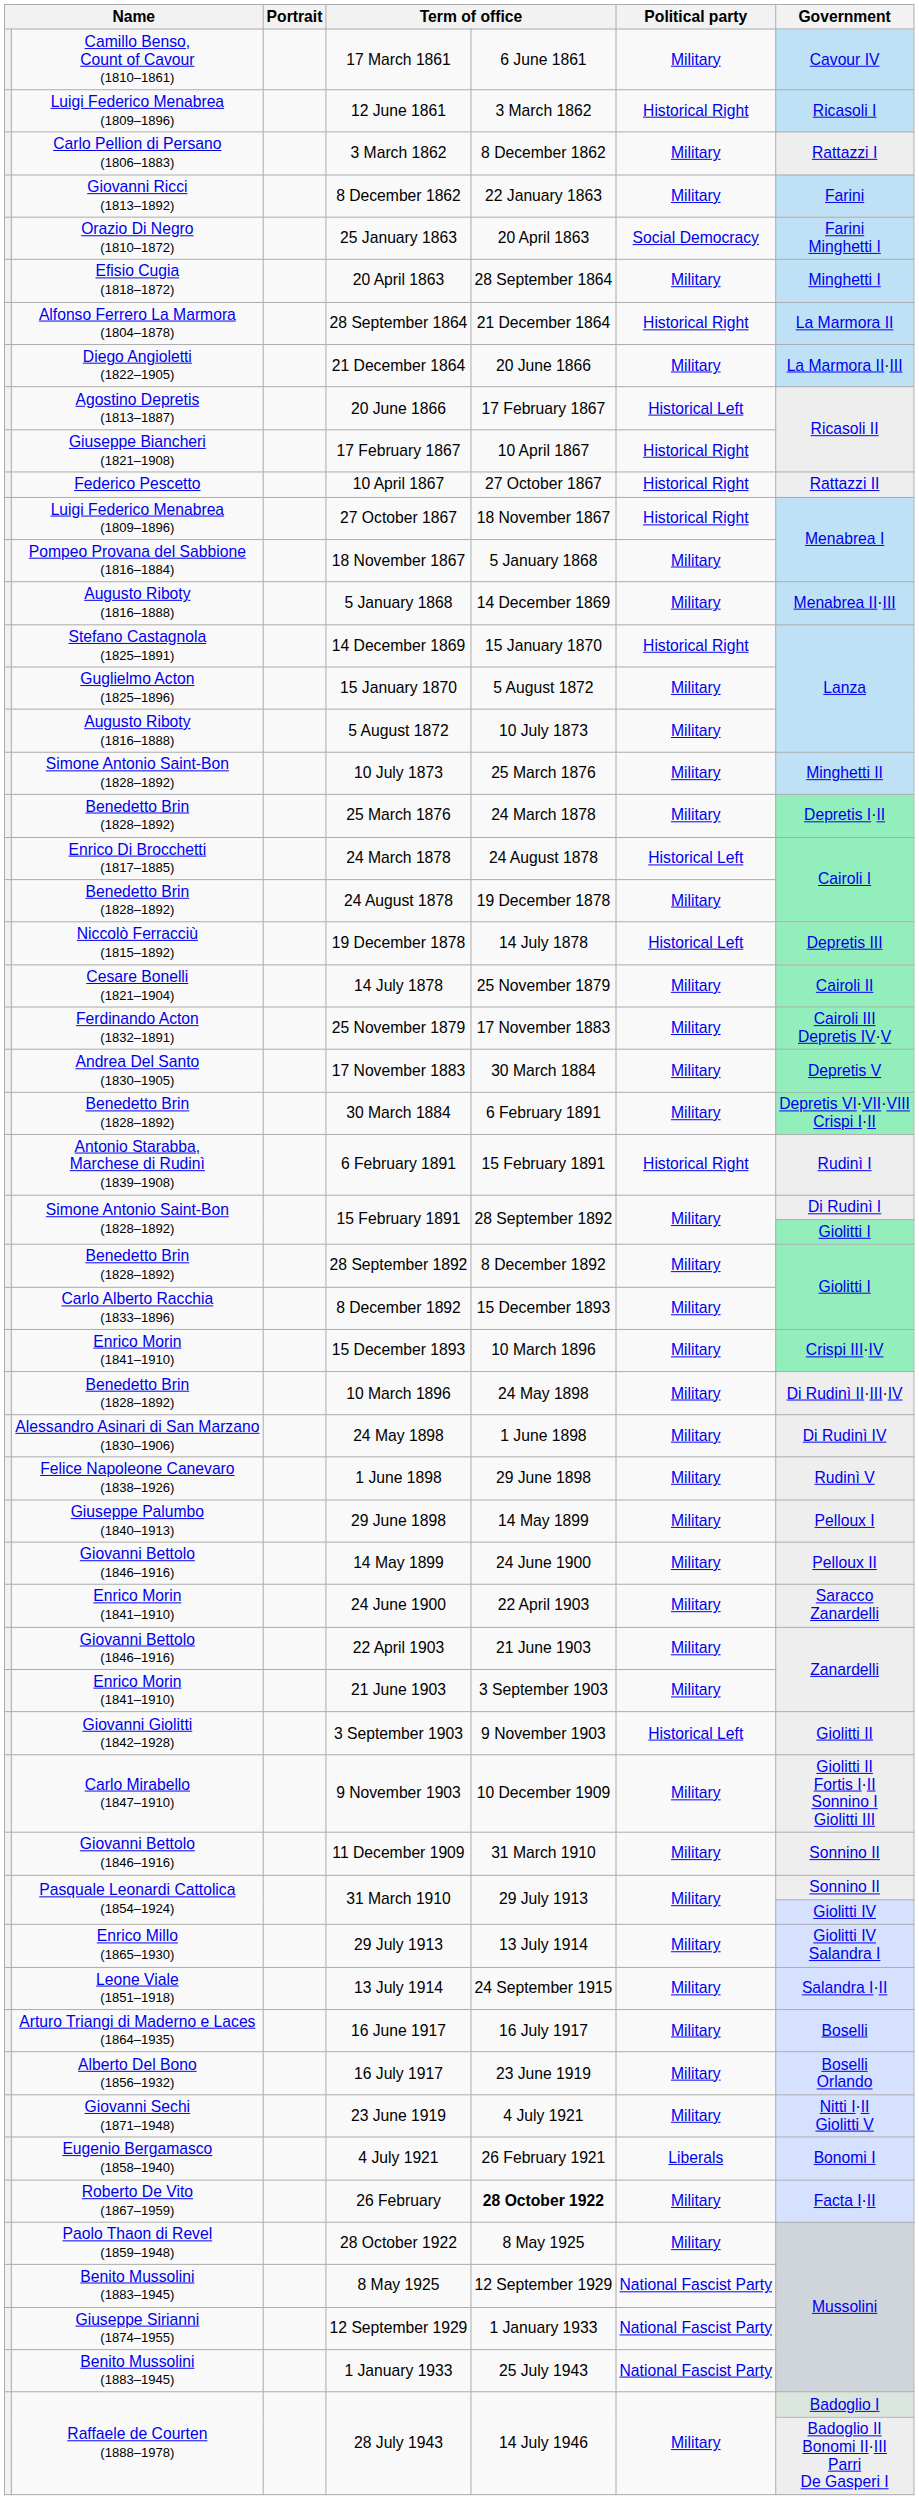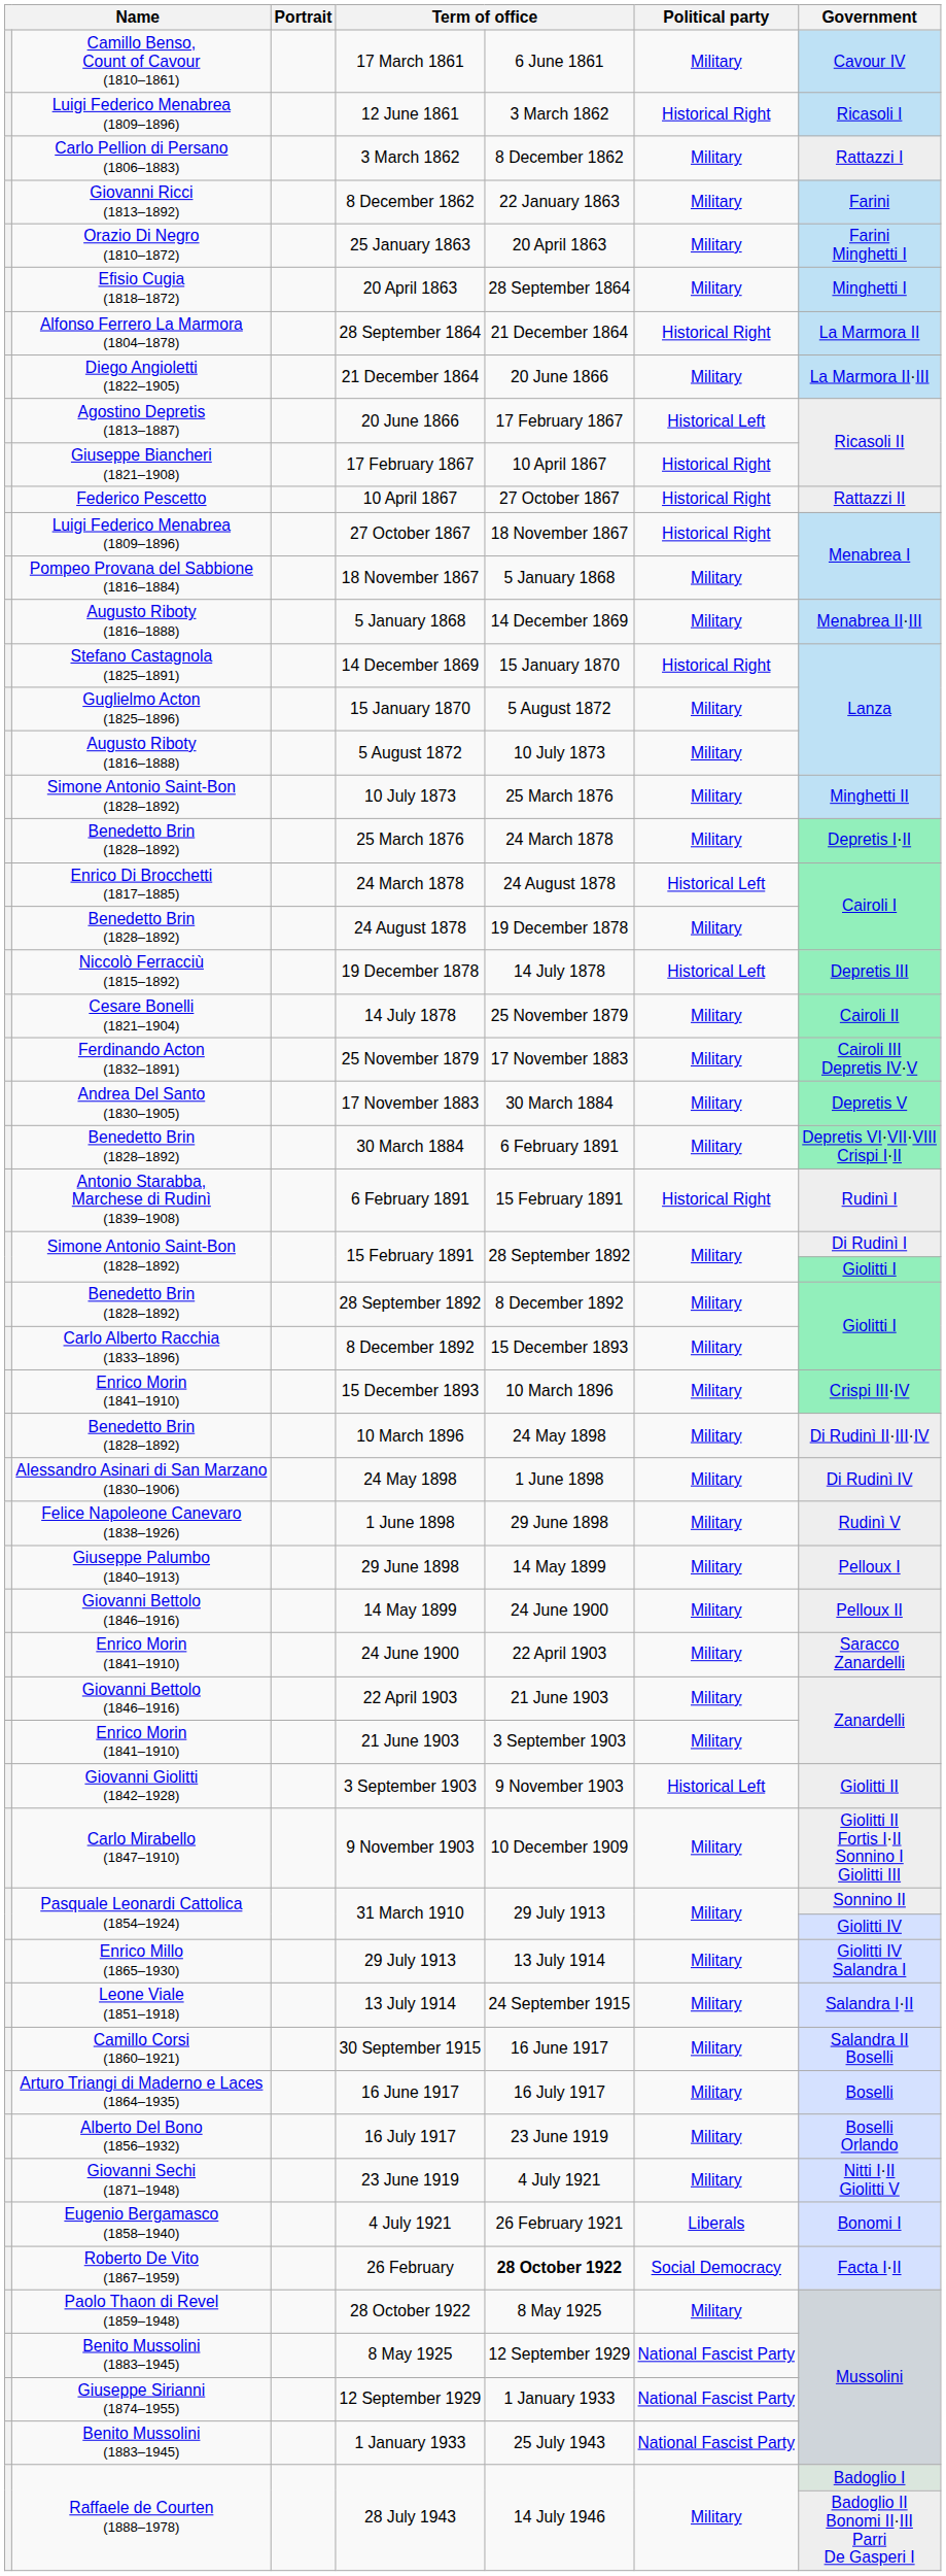 <table class="wikitable" style="text-align:center">
 <tr>
 <th colspan=2>Name<br></th>
 <th>Portrait</th>
 <th colspan=2>Term of office</th>
 <th>Political party</th>
 <th>Government</th>
 </tr>
 <tr>
 <th style="background:"></th>
 <td><a href='#'>Camillo Benso,<br>Count of Cavour</a><br><small>(1810–1861)</small></td>
 <td></td>
 <td>17 March 1861</td>
 <td>6 June 1861</td>
 <td><a href='#'>Military</a></td>
 <td bgcolor=#BEE1F5><a href='#'>Cavour IV</a></td>
 </tr>
 <tr>
 <th style="background:"></th>
 <td><a href='#'>Luigi Federico Menabrea</a><br><small>(1809–1896)</small></td>
 <td></td>
 <td>12 June 1861</td>
 <td>3 March 1862</td>
 <td><a href='#'>Historical Right</a></td>
 <td bgcolor=#BEE1F5><a href='#'>Ricasoli I</a></td>
 </tr>
 <tr>
 <th style="background:"></th>
 <td><a href='#'>Carlo Pellion di Persano</a><br><small>(1806–1883)</small></td>
 <td></td>
 <td>3 March 1862</td>
 <td>8 December 1862</td>
 <td><a href='#'>Military</a></td>
 <td bgcolor=#EEEEEE><a href='#'>Rattazzi I</a></td>
 </tr>
 <tr>
 <th style="background:"></th>
 <td><a href='#'>Giovanni Ricci</a><br><small>(1813–1892)</small></td>
 <td></td>
 <td>8 December 1862</td>
 <td>22 January 1863</td>
 <td><a href='#'>Military</a></td>
 <td bgcolor=#BEE1F5><a href='#'>Farini</a></td>
 </tr>
 <tr>
 <th style="background:"></th>
 <td><a href='#'>Orazio Di Negro</a><br><small>(1810–1872)</small></td>
 <td></td>
 <td>25 January 1863</td>
 <td>20 April 1863</td>
-<td><a href='#'>Social Democracy</a></td>
+<td><a href='#'>Military</a></td>
 <td bgcolor=#BEE1F5><a href='#'>Farini</a><br><a href='#'>Minghetti I</a></td>
 </tr>
 <tr>
 <th style="background:"></th>
 <td><a href='#'>Efisio Cugia</a><br><small>(1818–1872)</small></td>
 <td></td>
 <td>20 April 1863</td>
 <td>28 September 1864</td>
 <td><a href='#'>Military</a></td>
 <td bgcolor=#BEE1F5><a href='#'>Minghetti I</a></td>
 </tr>
 <tr>
 <th style="background:"></th>
 <td><a href='#'>Alfonso Ferrero La Marmora</a><br><small>(1804–1878)</small></td>
 <td></td>
 <td>28 September 1864</td>
 <td>21 December 1864</td>
 <td><a href='#'>Historical Right</a></td>
 <td bgcolor=#BEE1F5><a href='#'>La Marmora II</a></td>
 </tr>
 <tr>
 <th style="background:"></th>
 <td><a href='#'>Diego Angioletti</a><br><small>(1822–1905)</small></td>
 <td></td>
 <td>21 December 1864</td>
 <td>20 June 1866</td>
 <td><a href='#'>Military</a></td>
 <td bgcolor=#BEE1F5><a href='#'>La Marmora II</a>·<a href='#'>III</a></td>
 </tr>
 <tr>
 <th style="background:"></th>
 <td><a href='#'>Agostino Depretis</a><br><small>(1813–1887)</small></td>
 <td></td>
 <td>20 June 1866</td>
 <td>17 February 1867</td>
 <td><a href='#'>Historical Left</a></td>
 <td rowspan=2 bgcolor=#EEEEEE><a href='#'>Ricasoli II</a></td>
 </tr>
 <tr>
 <th style="background:"></th>
 <td><a href='#'>Giuseppe Biancheri</a><br><small>(1821–1908)</small></td>
 <td></td>
 <td>17 February 1867</td>
 <td>10 April 1867</td>
 <td><a href='#'>Historical Right</a></td>
 </tr>
 <tr>
 <th style="background:"></th>
 <td><a href='#'>Federico Pescetto</a><br></td>
 <td></td>
 <td>10 April 1867</td>
 <td>27 October 1867</td>
 <td><a href='#'>Historical Right</a></td>
 <td bgcolor=#EEEEEE><a href='#'>Rattazzi II</a></td>
 </tr>
 <tr>
 <th style="background:"></th>
 <td><a href='#'>Luigi Federico Menabrea</a><br><small>(1809–1896)</small></td>
 <td></td>
 <td>27 October 1867</td>
 <td>18 November 1867</td>
 <td><a href='#'>Historical Right</a></td>
 <td rowspan=2 bgcolor=#BEE1F5><a href='#'>Menabrea I</a></td>
 </tr>
 <tr>
 <th style="background:"></th>
 <td><a href='#'>Pompeo Provana del Sabbione</a><br><small>(1816–1884)</small></td>
 <td></td>
 <td>18 November 1867</td>
 <td>5 January 1868</td>
 <td><a href='#'>Military</a></td>
 </tr>
 <tr>
 <th style="background:"></th>
 <td><a href='#'>Augusto Riboty</a><br><small>(1816–1888)</small></td>
 <td></td>
 <td>5 January 1868</td>
 <td>14 December 1869</td>
 <td><a href='#'>Military</a></td>
 <td bgcolor=#BEE1F5><a href='#'>Menabrea II</a>·<a href='#'>III</a></td>
 </tr>
 <tr>
 <th style="background:"></th>
 <td><a href='#'>Stefano Castagnola</a><br><small>(1825–1891)</small></td>
 <td></td>
 <td>14 December 1869</td>
 <td>15 January 1870</td>
 <td><a href='#'>Historical Right</a></td>
 <td rowspan=3 bgcolor=#BEE1F5><a href='#'>Lanza</a></td>
 </tr>
 <tr>
 <th style="background:"></th>
 <td><a href='#'>Guglielmo Acton</a><br><small>(1825–1896)</small></td>
 <td></td>
 <td>15 January 1870</td>
 <td>5 August 1872</td>
 <td><a href='#'>Military</a></td>
 </tr>
 <tr>
 <th style="background:"></th>
 <td><a href='#'>Augusto Riboty</a><br><small>(1816–1888)</small></td>
 <td></td>
 <td>5 August 1872</td>
 <td>10 July 1873</td>
 <td><a href='#'>Military</a></td>
 </tr>
 <tr>
 <th style="background:"></th>
 <td><a href='#'>Simone Antonio Saint-Bon</a><br><small>(1828–1892)</small></td>
 <td></td>
 <td>10 July 1873</td>
 <td>25 March 1876</td>
 <td><a href='#'>Military</a></td>
 <td bgcolor=#BEE1F5><a href='#'>Minghetti II</a></td>
 </tr>
 <tr>
 <th style="background:"></th>
 <td><a href='#'>Benedetto Brin</a><br><small>(1828–1892)</small></td>
 <td></td>
 <td>25 March 1876</td>
 <td>24 March 1878</td>
 <td><a href='#'>Military</a></td>
 <td bgcolor=#92EFBB><a href='#'>Depretis I</a>·<a href='#'>II</a></td>
 </tr>
 <tr>
 <th style="background:"></th>
 <td><a href='#'>Enrico Di Brocchetti</a><br><small>(1817–1885)</small></td>
 <td></td>
 <td>24 March 1878</td>
 <td>24 August 1878</td>
 <td><a href='#'>Historical Left</a></td>
 <td rowspan=2 bgcolor=#92EFBB><a href='#'>Cairoli I</a></td>
 </tr>
 <tr>
 <th style="background:"></th>
 <td><a href='#'>Benedetto Brin</a><br><small>(1828–1892)</small></td>
 <td></td>
 <td>24 August 1878</td>
 <td>19 December 1878</td>
 <td><a href='#'>Military</a></td>
 </tr>
 <tr>
 <th style="background:"></th>
 <td><a href='#'>Niccolò Ferracciù</a><br><small>(1815–1892)</small></td>
 <td></td>
 <td>19 December 1878</td>
 <td>14 July 1878</td>
 <td><a href='#'>Historical Left</a></td>
 <td bgcolor=#92EFBB><a href='#'>Depretis III</a></td>
 </tr>
 <tr>
 <th style="background:"></th>
 <td><a href='#'>Cesare Bonelli</a><br><small>(1821–1904)</small></td>
 <td></td>
 <td>14 July 1878</td>
 <td>25 November 1879</td>
 <td><a href='#'>Military</a></td>
 <td bgcolor=#92EFBB><a href='#'>Cairoli II</a></td>
 </tr>
 <tr>
 <th style="background:"></th>
 <td><a href='#'>Ferdinando Acton</a><br><small>(1832–1891)</small></td>
 <td></td>
 <td>25 November 1879</td>
 <td>17 November 1883</td>
 <td><a href='#'>Military</a></td>
 <td bgcolor=#92EFBB><a href='#'>Cairoli III</a><br><a href='#'>Depretis IV</a>·<a href='#'>V</a></td>
 </tr>
 <tr>
 <th style="background:"></th>
 <td><a href='#'>Andrea Del Santo</a><br><small>(1830–1905)</small></td>
 <td></td>
 <td>17 November 1883</td>
 <td>30 March 1884</td>
 <td><a href='#'>Military</a></td>
 <td bgcolor=#92EFBB><a href='#'>Depretis V</a></td>
 </tr>
 <tr>
 <th style="background:"></th>
 <td><a href='#'>Benedetto Brin</a><br><small>(1828–1892)</small></td>
 <td></td>
 <td>30 March 1884</td>
 <td>6 February 1891</td>
 <td><a href='#'>Military</a></td>
 <td bgcolor=#92EFBB><a href='#'>Depretis VI</a>·<a href='#'>VII</a>·<a href='#'>VIII</a><br><a href='#'>Crispi I</a>·<a href='#'>II</a></td>
 </tr>
 <tr>
 <th style="background:"></th>
 <td><a href='#'>Antonio Starabba,<br>Marchese di Rudinì</a><br><small>(1839–1908)</small></td>
 <td></td>
 <td>6 February 1891</td>
 <td>15 February 1891</td>
 <td><a href='#'>Historical Right</a></td>
 <td bgcolor=#EEEEEE><a href='#'>Rudinì I</a></td>
 </tr>
 <tr>
 <th rowspan=2 style="background:"></th>
 <td rowspan=2><a href='#'>Simone Antonio Saint-Bon</a><br><small>(1828–1892)</small></td>
 <td rowspan=2></td>
 <td rowspan=2>15 February 1891</td>
 <td rowspan=2>28 September 1892</td>
 <td rowspan=2><a href='#'>Military</a></td>
 <td bgcolor=#EEEEEE><a href='#'>Di Rudinì I</a></td>
 </tr>
 <tr>
 <td bgcolor=#92EFBB><a href='#'>Giolitti I</a></td>
 </tr>
 <tr>
 <th style="background:"></th>
 <td><a href='#'>Benedetto Brin</a><br><small>(1828–1892)</small></td>
 <td></td>
 <td>28 September 1892</td>
 <td>8 December 1892</td>
 <td><a href='#'>Military</a></td>
 <td rowspan=2 bgcolor=#92EFBB><a href='#'>Giolitti I</a></td>
 </tr>
 <tr>
 <th style="background:"></th>
 <td><a href='#'>Carlo Alberto Racchia</a><br><small>(1833–1896)</small></td>
 <td></td>
 <td>8 December 1892</td>
 <td>15 December 1893</td>
 <td><a href='#'>Military</a></td>
 </tr>
 <tr>
 <th style="background:"></th>
 <td><a href='#'>Enrico Morin</a><br><small>(1841–1910)</small></td>
 <td></td>
 <td>15 December 1893</td>
 <td>10 March 1896</td>
 <td><a href='#'>Military</a></td>
 <td bgcolor=#92EFBB><a href='#'>Crispi III</a>·<a href='#'>IV</a></td>
 </tr>
 <tr>
 <th style="background:"></th>
 <td><a href='#'>Benedetto Brin</a><br><small>(1828–1892)</small></td>
 <td></td>
 <td>10 March 1896</td>
 <td>24 May 1898</td>
 <td><a href='#'>Military</a></td>
 <td bgcolor=#EEEEEE><a href='#'>Di Rudinì II</a>·<a href='#'>III</a>·<a href='#'>IV</a></td>
 </tr>
 <tr>
 <th style="background:"></th>
 <td><a href='#'>Alessandro Asinari di San Marzano</a><br><small>(1830–1906)</small></td>
 <td></td>
 <td>24 May 1898</td>
 <td>1 June 1898</td>
 <td><a href='#'>Military</a></td>
 <td bgcolor=#EEEEEE><a href='#'>Di Rudinì IV</a></td>
 </tr>
 <tr>
 <th style="background:"></th>
 <td><a href='#'>Felice Napoleone Canevaro</a><br><small>(1838–1926)</small></td>
 <td></td>
 <td>1 June 1898</td>
 <td>29 June 1898</td>
 <td><a href='#'>Military</a></td>
 <td bgcolor=#EEEEEE><a href='#'>Rudinì V</a></td>
 </tr>
 <tr>
 <th style="background:"></th>
 <td><a href='#'>Giuseppe Palumbo</a><br><small>(1840–1913)</small></td>
 <td></td>
 <td>29 June 1898</td>
 <td>14 May 1899</td>
 <td><a href='#'>Military</a></td>
 <td bgcolor=#EEEEEE><a href='#'>Pelloux I</a></td>
 </tr>
 <tr>
 <th style="background:"></th>
 <td><a href='#'>Giovanni Bettolo</a><br><small>(1846–1916)</small></td>
 <td></td>
 <td>14 May 1899</td>
 <td>24 June 1900</td>
 <td><a href='#'>Military</a></td>
 <td bgcolor=#EEEEEE><a href='#'>Pelloux II</a></td>
 </tr>
 <tr>
 <th style="background:"></th>
 <td><a href='#'>Enrico Morin</a><br><small>(1841–1910)</small></td>
 <td></td>
 <td>24 June 1900</td>
 <td>22 April 1903</td>
 <td><a href='#'>Military</a></td>
 <td bgcolor=#EEEEEE><a href='#'>Saracco</a><br><a href='#'>Zanardelli</a></td>
 </tr>
 <tr>
 <th style="background:"></th>
 <td><a href='#'>Giovanni Bettolo</a><br><small>(1846–1916)</small></td>
 <td></td>
 <td>22 April 1903</td>
 <td>21 June 1903</td>
 <td><a href='#'>Military</a></td>
 <td rowspan=2 bgcolor=#EEEEEE><a href='#'>Zanardelli</a></td>
 </tr>
 <tr>
 <th style="background:"></th>
 <td><a href='#'>Enrico Morin</a><br><small>(1841–1910)</small></td>
 <td></td>
 <td>21 June 1903</td>
 <td>3 September 1903</td>
 <td><a href='#'>Military</a></td>
 </tr>
 <tr>
 <th style="background:"></th>
 <td><a href='#'>Giovanni Giolitti</a><br><small>(1842–1928)</small></td>
 <td></td>
 <td>3 September 1903</td>
 <td>9 November 1903</td>
 <td><a href='#'>Historical Left</a></td>
 <td bgcolor=#EEEEEE><a href='#'>Giolitti II</a></td>
 </tr>
 <tr>
 <th style="background:"></th>
 <td><a href='#'>Carlo Mirabello</a><br><small>(1847–1910)</small></td>
 <td></td>
 <td>9 November 1903</td>
 <td>10 December 1909</td>
 <td><a href='#'>Military</a></td>
 <td bgcolor=#EEEEEE><a href='#'>Giolitti II</a><br><a href='#'>Fortis I</a>·<a href='#'>II</a><br><a href='#'>Sonnino I</a><br><a href='#'>Giolitti III</a></td>
 </tr>
 <tr>
-<th style="background:"></th>
-<td><a href='#'>Giovanni Bettolo</a><br><small>(1846–1916)</small></td>
-<td></td>
-<td>11 December 1909</td>
-<td>31 March 1910</td>
-<td><a href='#'>Military</a></td>
-<td bgcolor=#EEEEEE><a href='#'>Sonnino II</a></td>
-</tr>
-<tr>
 <th rowspan=2 style="background:"></th>
 <td rowspan=2><a href='#'>Pasquale Leonardi Cattolica</a><br><small>(1854–1924)</small></td>
 <td rowspan=2></td>
 <td rowspan=2>31 March 1910</td>
 <td rowspan=2>29 July 1913</td>
 <td rowspan=2><a href='#'>Military</a></td>
 <td bgcolor=#EEEEEE><a href='#'>Sonnino II</a></td>
 </tr>
 <tr>
 <td bgcolor=#D5E1FF><a href='#'>Giolitti IV</a></td>
 </tr>
 <tr>
 <th style="background:"></th>
 <td><a href='#'>Enrico Millo</a><br><small>(1865–1930)</small></td>
 <td></td>
 <td>29 July 1913</td>
 <td>13 July 1914</td>
 <td><a href='#'>Military</a></td>
 <td bgcolor=#D5E1FF><a href='#'>Giolitti IV</a><br><a href='#'>Salandra I</a></td>
 </tr>
 <tr>
 <th style="background:"></th>
 <td><a href='#'>Leone Viale</a><br><small>(1851–1918)</small></td>
 <td></td>
 <td>13 July 1914</td>
 <td>24 September 1915</td>
 <td><a href='#'>Military</a></td>
 <td bgcolor=#D5E1FF><a href='#'>Salandra I</a>·<a href='#'>II</a></td>
+</tr>
+<tr>
+<th style="background:"></th>
+<td><a href='#'>Camillo Corsi</a><br><small>(1860–1921)</small></td>
+<td></td>
+<td>30 September 1915</td>
+<td>16 June 1917</td>
+<td><a href='#'>Military</a></td>
+<td bgcolor=#D5E1FF><a href='#'>Salandra II</a><br><a href='#'>Boselli</a></td>
 </tr>
 <tr>
 <th style="background:"></th>
 <td><a href='#'>Arturo Triangi di Maderno e Laces</a><br><small>(1864–1935)</small></td>
 <td></td>
 <td>16 June 1917</td>
 <td>16 July 1917</td>
 <td><a href='#'>Military</a></td>
 <td bgcolor=#D5E1FF><a href='#'>Boselli</a></td>
 </tr>
 <tr>
 <th style="background:"></th>
 <td><a href='#'>Alberto Del Bono</a><br><small>(1856–1932)</small></td>
 <td></td>
 <td>16 July 1917</td>
 <td>23 June 1919</td>
 <td><a href='#'>Military</a></td>
 <td bgcolor=#D5E1FF><a href='#'>Boselli</a><br><a href='#'>Orlando</a></td>
 </tr>
 <tr>
 <th style="background:"></th>
 <td><a href='#'>Giovanni Sechi</a><br><small>(1871–1948)</small></td>
 <td></td>
 <td>23 June 1919</td>
 <td>4 July 1921</td>
 <td><a href='#'>Military</a></td>
 <td bgcolor=#D5E1FF><a href='#'>Nitti I</a>·<a href='#'>II</a><br><a href='#'>Giolitti V</a></td>
 </tr>
 <tr>
 <th style="background:"></th>
 <td><a href='#'>Eugenio Bergamasco</a><br><small>(1858–1940)</small></td>
 <td></td>
 <td>4 July 1921</td>
 <td>26 February 1921</td>
 <td><a href='#'>Liberals</a></td>
 <td bgcolor=#D5E1FF><a href='#'>Bonomi I</a></td>
 </tr>
 <tr>
 <th style="background:"></th>
 <td><a href='#'>Roberto De Vito</a><br><small>(1867–1959)</small></td>
 <td></td>
 <td>26 February</td>
 <td><strong>28 October 1922</strong></td>
-<td><a href='#'>Military</a></td>
+<td><a href='#'>Social Democracy</a></td>
 <td bgcolor=#D5E1FF><a href='#'>Facta I</a>·<a href='#'>II</a></td>
 </tr>
 <tr>
 <th style="background:"></th>
 <td><a href='#'>Paolo Thaon di Revel</a><br><small>(1859–1948)</small></td>
 <td></td>
 <td>28 October 1922</td>
 <td>8 May 1925</td>
 <td><a href='#'>Military</a></td>
 <td rowspan=4 bgcolor=#CFD5DA><a href='#'>Mussolini</a></td>
 </tr>
 <tr>
 <th style="background:"></th>
 <td><a href='#'>Benito Mussolini</a><br><small>(1883–1945)</small></td>
 <td></td>
 <td>8 May 1925</td>
 <td>12 September 1929</td>
 <td><a href='#'>National Fascist Party</a></td>
 </tr>
 <tr>
 <th style="background:"></th>
 <td><a href='#'>Giuseppe Sirianni</a><br><small>(1874–1955)</small></td>
 <td></td>
 <td>12 September 1929</td>
 <td>1 January 1933</td>
 <td><a href='#'>National Fascist Party</a></td>
 </tr>
 <tr>
 <th style="background:"></th>
 <td><a href='#'>Benito Mussolini</a><br><small>(1883–1945)</small></td>
 <td></td>
 <td>1 January 1933</td>
 <td>25 July 1943</td>
 <td><a href='#'>National Fascist Party</a></td>
 </tr>
 <tr>
 <th rowspan=2 style="background:"></th>
 <td rowspan=2><a href='#'>Raffaele de Courten</a><br><small>(1888–1978)</small></td>
 <td rowspan=2></td>
 <td rowspan=2>28 July 1943</td>
 <td rowspan=2>14 July 1946</td>
 <td rowspan=2><a href='#'>Military</a></td>
 <td bgcolor=#DAE6DD><a href='#'>Badoglio I</a></td>
 </tr>
 <tr>
 <td bgcolor=#EEEEEE><a href='#'>Badoglio II</a><br><a href='#'>Bonomi II</a>·<a href='#'>III</a><br><a href='#'>Parri</a><br><a href='#'>De Gasperi I</a></td>
 </tr>
 </table>
